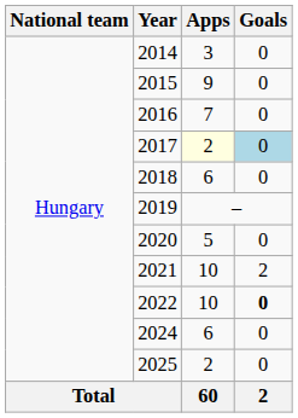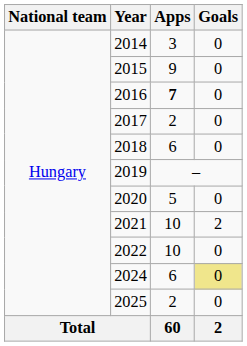 <table class="wikitable" style="text-align:center">
 <tr>
 <th>National team</th>
 <th>Year</th>
 <th>Apps</th>
 <th>Goals</th>
 </tr>
 <tr>
 <td rowspan="11"><a href='#'>Hungary</a></td>
 <td>2014</td>
 <td>3</td>
 <td>0</td>
 </tr>
 <tr>
 <td>2015</td>
 <td>9</td>
 <td>0</td>
 </tr>
 <tr>
 <td>2016</td>
-<td>7</td>
+<td><strong>7</strong></td>
 <td>0</td>
 </tr>
 <tr>
 <td>2017</td>
-<td style="background: lightyellow;">2</td>
-<td style="background: lightblue;">0</td>
+<td>2</td>
+<td>0</td>
 </tr>
 <tr>
 <td>2018</td>
 <td>6</td>
 <td>0</td>
 </tr>
 <tr>
 <td>2019</td>
 <td colspan="2">–</td>
 </tr>
 <tr>
 <td>2020</td>
 <td>5</td>
 <td>0</td>
 </tr>
 <tr>
 <td>2021</td>
 <td>10</td>
 <td>2</td>
 </tr>
 <tr>
 <td>2022</td>
 <td>10</td>
-<td><strong>0</strong></td>
+<td>0</td>
 </tr>
 <tr>
 <td>2024</td>
 <td>6</td>
-<td>0</td>
+<td style="background: khaki;">0</td>
 </tr>
 <tr>
 <td>2025</td>
 <td>2</td>
 <td>0</td>
 </tr>
 <tr>
 <th colspan="2">Total</th>
 <th>60</th>
 <th>2</th>
 </tr>
 </table>
